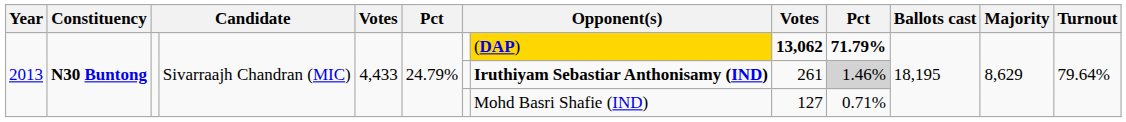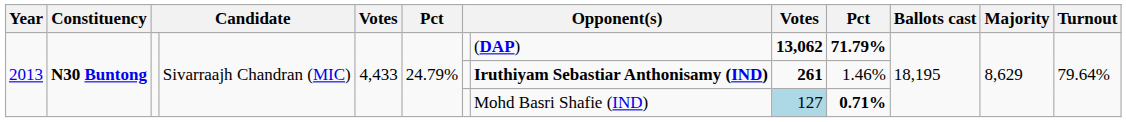 <table class="wikitable" style="margin:0.5em ; font-size:95%">
 <tr>
 <th>Year</th>
 <th>Constituency</th>
 <th colspan=2>Candidate</th>
 <th>Votes</th>
 <th>Pct</th>
 <th colspan=2>Opponent(s)</th>
 <th>Votes</th>
 <th>Pct</th>
 <th>Ballots cast</th>
 <th>Majority</th>
 <th>Turnout</th>
 </tr>
 <tr>
 <td rowspan="3"><a href='#'>2013</a></td>
 <td rowspan="3"><strong>N30 <a href='#'>Buntong</a></strong></td>
 <td rowspan="3" ></td>
 <td rowspan="3">Sivarraajh Chandran (<a href='#'>MIC</a>)</td>
 <td rowspan="3" align="right">4,433</td>
 <td rowspan="3">24.79%</td>
 <td></td>
-<td style="background: gold;"> (<a href='#'><strong>DAP</strong></a>)</td>
+<td> (<a href='#'><strong>DAP</strong></a>)</td>
 <td align="right"><strong>13,062</strong></td>
 <td><strong>71.79%</strong></td>
 <td rowspan="3">18,195</td>
 <td rowspan="3">8,629</td>
 <td rowspan="3">79.64%</td>
 </tr>
 <tr>
 <td></td>
 <td><strong>Iruthiyam Sebastiar Anthonisamy (<a href='#'>IND</a>)</strong></td>
-<td align="right">261</td>
-<td align="right" style="background: lightgrey;">1.46%</td>
+<td align="right"><strong>261</strong></td>
+<td align="right">1.46%</td>
 </tr>
 <tr>
 <td></td>
 <td>Mohd Basri Shafie (<a href='#'>IND</a>)</td>
-<td align="right">127</td>
-<td align="right">0.71%</td>
+<td align="right" style="background: lightblue;">127</td>
+<td align="right"><strong>0.71%</strong></td>
 </tr>
 </table>
